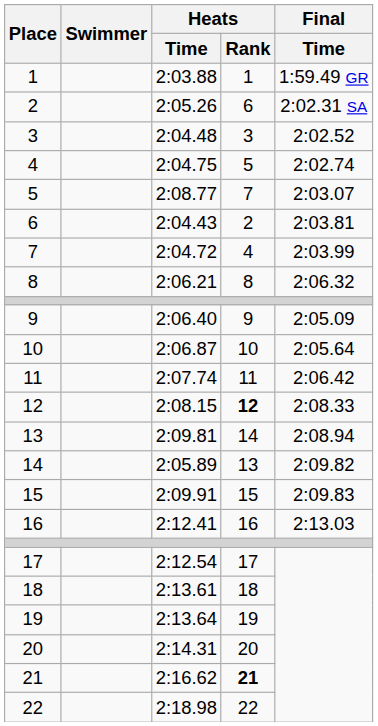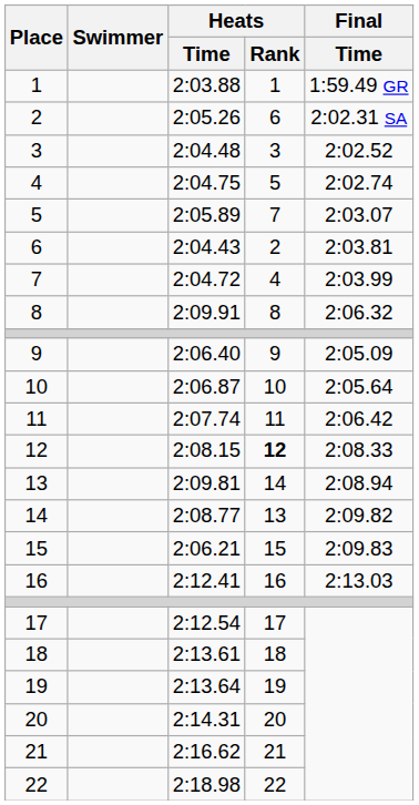 <table class="wikitable" style="text-align:center;">
 <tr>
 <th rowspan="2">Place</th>
 <th rowspan="2">Swimmer</th>
 <th colspan="2">Heats</th>
 <th>Final</th>
 </tr>
 <tr>
 <th>Time</th>
 <th>Rank</th>
 <th>Time</th>
 </tr>
 <tr>
 <td>1</td>
 <td align=left></td>
 <td>2:03.88</td>
 <td>1</td>
 <td>1:59.49 <small><a href='#'>GR</a></small></td>
 </tr>
 <tr>
 <td>2</td>
 <td align=left></td>
 <td>2:05.26</td>
 <td>6</td>
 <td>2:02.31 <small><a href='#'>SA</a></small></td>
 </tr>
 <tr>
 <td>3</td>
 <td align=left></td>
 <td>2:04.48</td>
 <td>3</td>
 <td>2:02.52</td>
 </tr>
 <tr>
 <td>4</td>
 <td align=left></td>
 <td>2:04.75</td>
 <td>5</td>
 <td>2:02.74</td>
 </tr>
 <tr>
 <td>5</td>
 <td align=left></td>
-<td>2:08.77</td>
+<td>2:05.89</td>
 <td>7</td>
 <td>2:03.07</td>
 </tr>
 <tr>
 <td>6</td>
 <td align=left></td>
 <td>2:04.43</td>
 <td>2</td>
 <td>2:03.81</td>
 </tr>
 <tr>
 <td>7</td>
 <td align=left></td>
 <td>2:04.72</td>
 <td>4</td>
 <td>2:03.99</td>
 </tr>
 <tr>
 <td>8</td>
 <td align=left></td>
-<td>2:06.21</td>
+<td>2:09.91</td>
 <td>8</td>
 <td>2:06.32</td>
 </tr>
 <tr>
 <td colspan=5 bgcolor=lightgray></td>
 </tr>
 <tr>
 <td>9</td>
 <td align=left></td>
 <td>2:06.40</td>
 <td>9</td>
 <td>2:05.09</td>
 </tr>
 <tr>
 <td>10</td>
 <td align=left></td>
 <td>2:06.87</td>
 <td>10</td>
 <td>2:05.64</td>
 </tr>
 <tr>
 <td>11</td>
 <td align=left></td>
 <td>2:07.74</td>
 <td>11</td>
 <td>2:06.42</td>
 </tr>
 <tr>
 <td>12</td>
 <td align=left></td>
 <td>2:08.15</td>
 <td><strong>12</strong></td>
 <td>2:08.33</td>
 </tr>
 <tr>
 <td>13</td>
 <td align=left></td>
 <td>2:09.81</td>
 <td>14</td>
 <td>2:08.94</td>
 </tr>
 <tr>
 <td>14</td>
 <td align=left></td>
-<td>2:05.89</td>
+<td>2:08.77</td>
 <td>13</td>
 <td>2:09.82</td>
 </tr>
 <tr>
 <td>15</td>
 <td align=left></td>
-<td>2:09.91</td>
+<td>2:06.21</td>
 <td>15</td>
 <td>2:09.83</td>
 </tr>
 <tr>
 <td>16</td>
 <td align=left></td>
 <td>2:12.41</td>
 <td>16</td>
 <td>2:13.03</td>
 </tr>
 <tr>
 <td colspan=5 bgcolor=lightgray></td>
 </tr>
 <tr>
 <td>17</td>
 <td align=left></td>
 <td>2:12.54</td>
 <td>17</td>
 </tr>
 <tr>
 <td>18</td>
 <td align=left></td>
 <td>2:13.61</td>
 <td>18</td>
 </tr>
 <tr>
 <td>19</td>
 <td align=left></td>
 <td>2:13.64</td>
 <td>19</td>
 </tr>
 <tr>
 <td>20</td>
 <td align=left></td>
 <td>2:14.31</td>
 <td>20</td>
 </tr>
 <tr>
 <td>21</td>
 <td align=left></td>
 <td>2:16.62</td>
-<td><strong>21</strong></td>
+<td>21</td>
 </tr>
 <tr>
 <td>22</td>
 <td align=left></td>
 <td>2:18.98</td>
 <td>22</td>
 </tr>
 </table>
